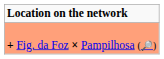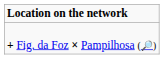 <table role="presentation" class="wikitable mw-collapsible mw-collapsed floatright">
 <tr>
 <td><strong>Location on the network</strong></td>
 </tr>
 <tr>
-<td style="background: lightsalmon;"><br><span><strong>+</strong> <a href='#'>Fig. da Foz</a></span> <span><strong>×</strong> <a href='#'>Pampilhosa</a></span> <small>(<a href='#'>🔎</a>)</small></td>
+<td><br><span><strong>+</strong> <a href='#'>Fig. da Foz</a></span> <span><strong>×</strong> <a href='#'>Pampilhosa</a></span> <small>(<a href='#'>🔎</a>)</small></td>
 </tr>
 </table>
